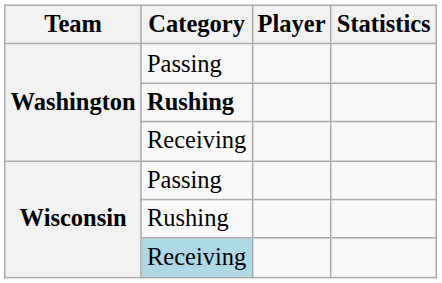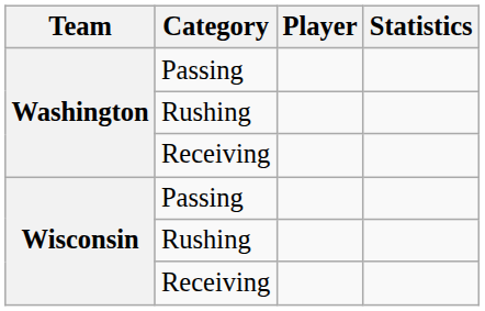 <table class="wikitable" style="float:right">
 <tr>
 <th>Team</th>
 <th>Category</th>
 <th>Player</th>
 <th>Statistics</th>
 </tr>
 <tr>
 <th rowspan=3>Washington</th>
 <td>Passing</td>
 <td></td>
 <td></td>
 </tr>
 <tr>
-<td><strong>Rushing</strong></td>
+<td>Rushing</td>
 <td></td>
 <td></td>
 </tr>
 <tr>
 <td>Receiving</td>
 <td></td>
 <td></td>
 </tr>
 <tr>
 <th rowspan=3>Wisconsin</th>
 <td>Passing</td>
 <td></td>
 <td></td>
 </tr>
 <tr>
 <td>Rushing</td>
 <td></td>
 <td></td>
 </tr>
 <tr>
-<td style="background: lightblue;">Receiving</td>
+<td>Receiving</td>
 <td></td>
 <td></td>
 </tr>
 </table>
